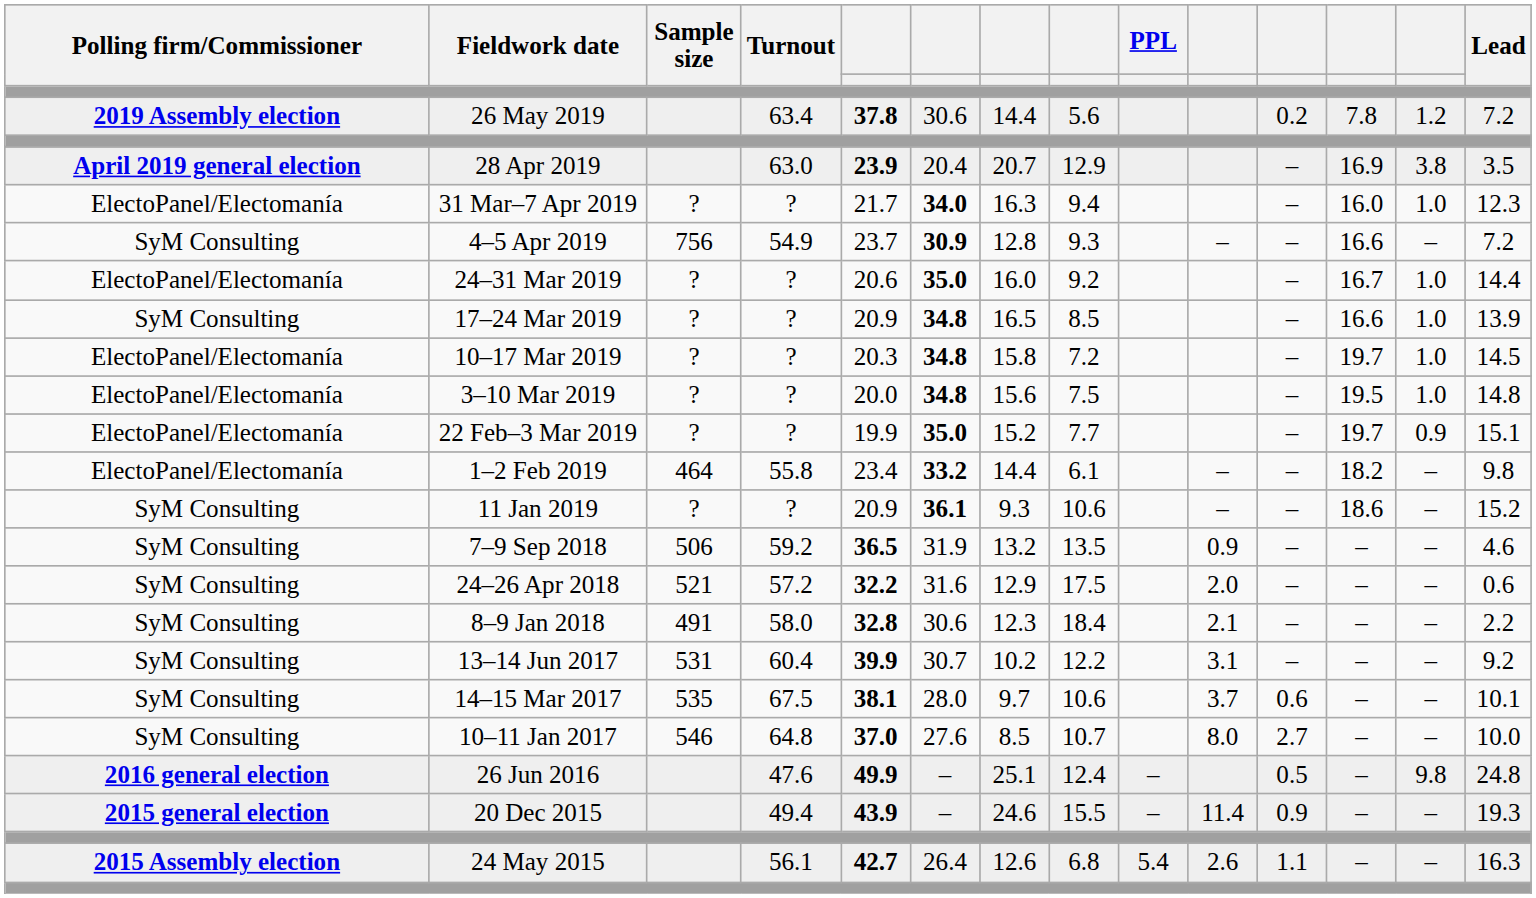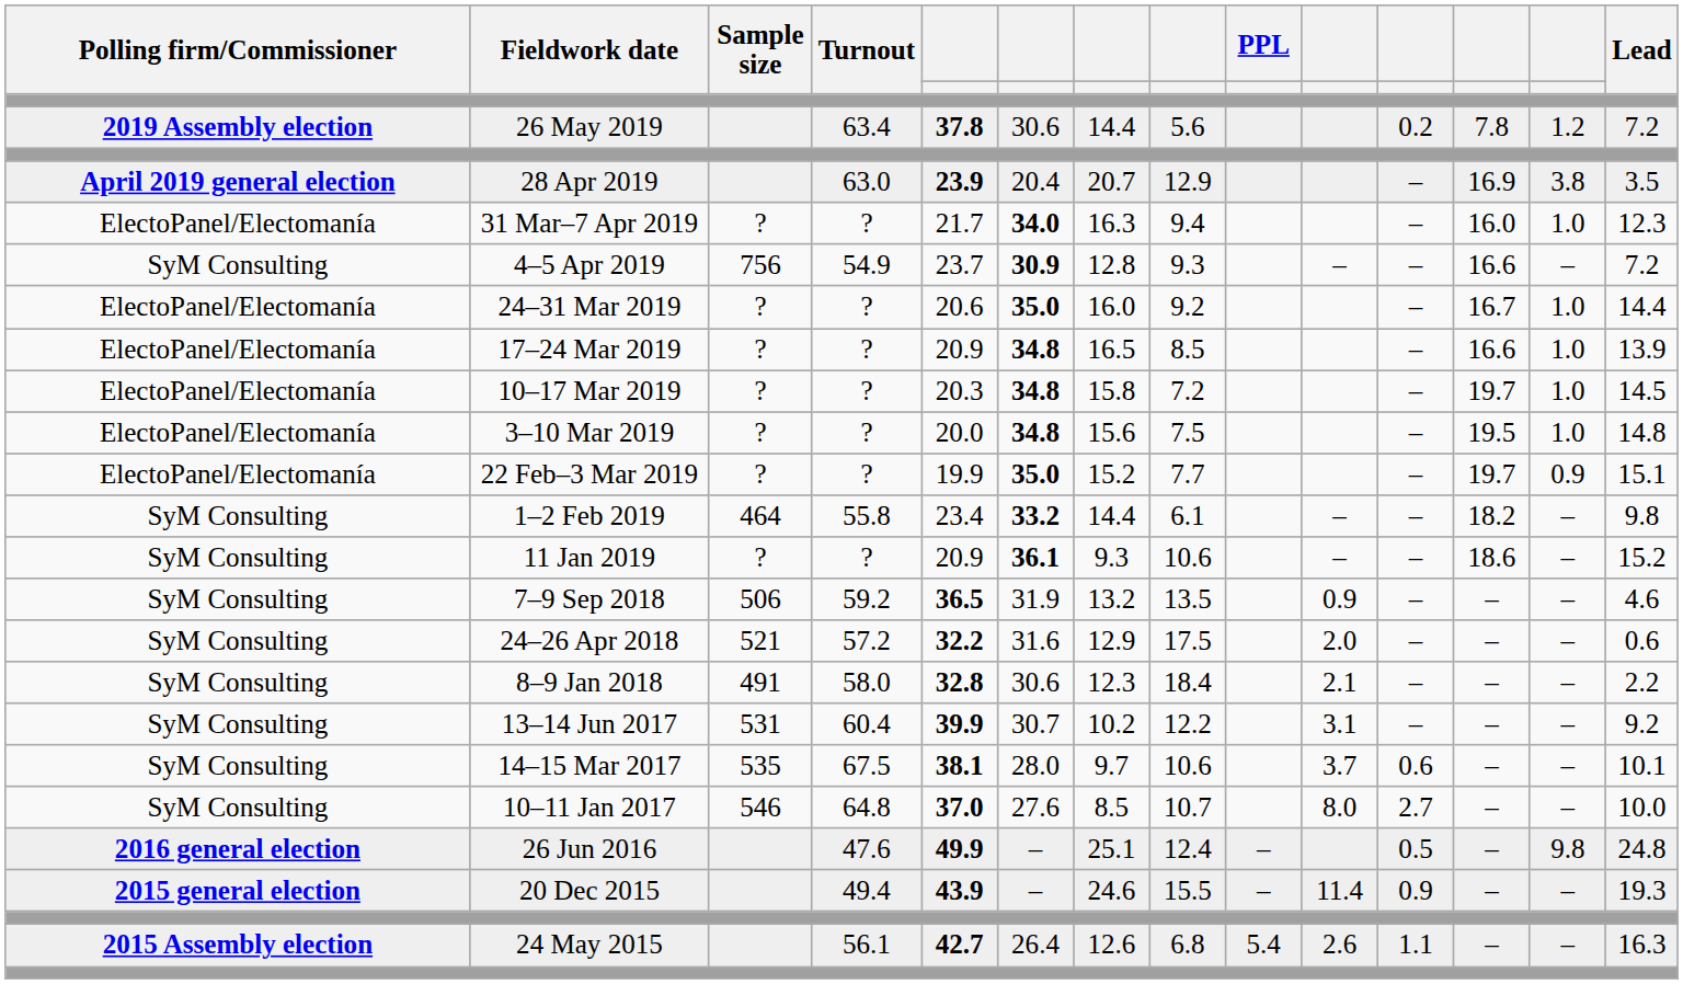 <table class="wikitable collapsible collapsed" style="text-align:center; font-size:95%; line-height:16px;">
 <tr style="height:42px;">
 <th style="width:250px;" rowspan="2">Polling firm/Commissioner</th>
 <th style="width:125px;" rowspan="2">Fieldwork date</th>
 <th style="width:50px;" rowspan="2">Sample size</th>
 <th style="width:45px;" rowspan="2">Turnout</th>
 <th style="width:35px;"></th>
 <th style="width:35px;"></th>
 <th style="width:35px;"></th>
 <th style="width:35px;"></th>
 <th style="width:35px;"><a href='#'>PPL</a></th>
 <th style="width:35px;"></th>
 <th style="width:35px;"></th>
 <th style="width:35px;"></th>
 <th style="width:35px;"></th>
 <th style="width:30px;" rowspan="2">Lead</th>
 </tr>
 <tr>
 <th style="color:inherit;background:"></th>
 <th style="color:inherit;background:"></th>
 <th style="color:inherit;background:"></th>
 <th style="color:inherit;background:"></th>
 <th style="color:inherit;background:"></th>
 <th style="color:inherit;background:"></th>
 <th style="color:inherit;background:"></th>
 <th style="color:inherit;background:"></th>
 <th style="color:inherit;background:"></th>
 </tr>
 <tr>
 <td colspan="14" style="background:#A0A0A0"></td>
 </tr>
 <tr style="background:#EFEFEF;">
 <td><strong><a href='#'>2019 Assembly election</a></strong></td>
 <td>26 May 2019</td>
 <td></td>
 <td>63.4</td>
 <td><strong>37.8</strong><br></td>
 <td>30.6<br></td>
 <td>14.4<br></td>
 <td>5.6<br></td>
 <td></td>
 <td></td>
 <td>0.2<br></td>
 <td>7.8<br></td>
 <td>1.2<br></td>
 <td style="background:">7.2</td>
 </tr>
 <tr>
 <td colspan="14" style="background:#A0A0A0"></td>
 </tr>
 <tr>
 </tr>
 <tr style="background:#EFEFEF;">
 <td><strong><a href='#'>April 2019 general election</a></strong></td>
 <td>28 Apr 2019</td>
 <td></td>
 <td>63.0</td>
 <td><strong>23.9</strong><br></td>
 <td>20.4<br></td>
 <td>20.7<br></td>
 <td>12.9<br></td>
 <td></td>
 <td></td>
 <td>–</td>
 <td>16.9<br></td>
 <td>3.8<br></td>
 <td style="background:">3.5</td>
 </tr>
 <tr>
 <td>ElectoPanel/Electomanía</td>
 <td>31 Mar–7 Apr 2019</td>
 <td>?</td>
 <td>?</td>
 <td>21.7<br></td>
 <td><strong>34.0</strong><br></td>
 <td>16.3<br></td>
 <td>9.4<br></td>
 <td></td>
 <td></td>
 <td>–</td>
 <td>16.0<br></td>
 <td>1.0<br></td>
 <td style="background:">12.3</td>
 </tr>
 <tr>
 <td>SyM Consulting</td>
 <td>4–5 Apr 2019</td>
 <td>756</td>
 <td>54.9</td>
 <td>23.7<br></td>
 <td><strong>30.9</strong><br></td>
 <td>12.8<br></td>
 <td>9.3<br></td>
 <td></td>
 <td>–</td>
 <td>–</td>
 <td>16.6<br></td>
 <td>–</td>
 <td style="background:">7.2</td>
 </tr>
 <tr>
 <td>ElectoPanel/Electomanía</td>
 <td>24–31 Mar 2019</td>
 <td>?</td>
 <td>?</td>
 <td>20.6<br></td>
 <td><strong>35.0</strong><br></td>
 <td>16.0<br></td>
 <td>9.2<br></td>
 <td></td>
 <td></td>
 <td>–</td>
 <td>16.7<br></td>
 <td>1.0<br></td>
 <td style="background:">14.4</td>
 </tr>
 <tr>
-<td>SyM Consulting</td>
+<td>ElectoPanel/Electomanía</td>
 <td>17–24 Mar 2019</td>
 <td>?</td>
 <td>?</td>
 <td>20.9<br></td>
 <td><strong>34.8</strong><br></td>
 <td>16.5<br></td>
 <td>8.5<br></td>
 <td></td>
 <td></td>
 <td>–</td>
 <td>16.6<br></td>
 <td>1.0<br></td>
 <td style="background:">13.9</td>
 </tr>
 <tr>
 <td>ElectoPanel/Electomanía</td>
 <td>10–17 Mar 2019</td>
 <td>?</td>
 <td>?</td>
 <td>20.3<br></td>
 <td><strong>34.8</strong><br></td>
 <td>15.8<br></td>
 <td>7.2<br></td>
 <td></td>
 <td></td>
 <td>–</td>
 <td>19.7<br></td>
 <td>1.0<br></td>
 <td style="background:">14.5</td>
 </tr>
 <tr>
 <td>ElectoPanel/Electomanía</td>
 <td>3–10 Mar 2019</td>
 <td>?</td>
 <td>?</td>
 <td>20.0<br></td>
 <td><strong>34.8</strong><br></td>
 <td>15.6<br></td>
 <td>7.5<br></td>
 <td></td>
 <td></td>
 <td>–</td>
 <td>19.5<br></td>
 <td>1.0<br></td>
 <td style="background:">14.8</td>
 </tr>
 <tr>
 <td>ElectoPanel/Electomanía</td>
 <td>22 Feb–3 Mar 2019</td>
 <td>?</td>
 <td>?</td>
 <td>19.9<br></td>
 <td><strong>35.0</strong><br></td>
 <td>15.2<br></td>
 <td>7.7<br></td>
 <td></td>
 <td></td>
 <td>–</td>
 <td>19.7<br></td>
 <td>0.9<br></td>
 <td style="background:">15.1</td>
 </tr>
 <tr>
-<td>ElectoPanel/Electomanía</td>
+<td>SyM Consulting</td>
 <td>1–2 Feb 2019</td>
 <td>464</td>
 <td>55.8</td>
 <td>23.4<br></td>
 <td><strong>33.2</strong><br></td>
 <td>14.4<br></td>
 <td>6.1<br></td>
 <td></td>
 <td>–</td>
 <td>–</td>
 <td>18.2<br></td>
 <td>–</td>
 <td style="background:">9.8</td>
 </tr>
 <tr>
 <td>SyM Consulting</td>
 <td>11 Jan 2019</td>
 <td>?</td>
 <td>?</td>
 <td>20.9<br></td>
 <td><strong>36.1</strong><br></td>
 <td>9.3<br></td>
 <td>10.6<br></td>
 <td></td>
 <td>–</td>
 <td>–</td>
 <td>18.6<br></td>
 <td>–</td>
 <td style="background:">15.2</td>
 </tr>
 <tr>
 <td>SyM Consulting</td>
 <td>7–9 Sep 2018</td>
 <td>506</td>
 <td>59.2</td>
 <td><strong>36.5</strong><br></td>
 <td>31.9<br></td>
 <td>13.2<br></td>
 <td>13.5<br></td>
 <td></td>
 <td>0.9<br></td>
 <td>–</td>
 <td>–</td>
 <td>–</td>
 <td style="background:">4.6</td>
 </tr>
 <tr>
 <td>SyM Consulting</td>
 <td>24–26 Apr 2018</td>
 <td>521</td>
 <td>57.2</td>
 <td><strong>32.2</strong><br></td>
 <td>31.6<br></td>
 <td>12.9<br></td>
 <td>17.5<br></td>
 <td></td>
 <td>2.0<br></td>
 <td>–</td>
 <td>–</td>
 <td>–</td>
 <td style="background:">0.6</td>
 </tr>
 <tr>
 <td>SyM Consulting</td>
 <td>8–9 Jan 2018</td>
 <td>491</td>
 <td>58.0</td>
 <td><strong>32.8</strong><br></td>
 <td>30.6<br></td>
 <td>12.3<br></td>
 <td>18.4<br></td>
 <td></td>
 <td>2.1<br></td>
 <td>–</td>
 <td>–</td>
 <td>–</td>
 <td style="background:">2.2</td>
 </tr>
 <tr>
 <td>SyM Consulting</td>
 <td>13–14 Jun 2017</td>
 <td>531</td>
 <td>60.4</td>
 <td><strong>39.9</strong><br></td>
 <td>30.7<br></td>
 <td>10.2<br></td>
 <td>12.2<br></td>
 <td></td>
 <td>3.1<br></td>
 <td>–</td>
 <td>–</td>
 <td>–</td>
 <td style="background:">9.2</td>
 </tr>
 <tr>
 <td>SyM Consulting</td>
 <td>14–15 Mar 2017</td>
 <td>535</td>
 <td>67.5</td>
 <td><strong>38.1</strong><br></td>
 <td>28.0<br></td>
 <td>9.7<br></td>
 <td>10.6<br></td>
 <td></td>
 <td>3.7<br></td>
 <td>0.6<br></td>
 <td>–</td>
 <td>–</td>
 <td style="background:">10.1</td>
 </tr>
 <tr>
 <td>SyM Consulting</td>
 <td>10–11 Jan 2017</td>
 <td>546</td>
 <td>64.8</td>
 <td><strong>37.0</strong><br></td>
 <td>27.6<br></td>
 <td>8.5<br></td>
 <td>10.7<br></td>
 <td></td>
 <td>8.0<br></td>
 <td>2.7<br></td>
 <td>–</td>
 <td>–</td>
 <td style="background:">10.0</td>
 </tr>
 <tr style="background:#EFEFEF;">
 <td><strong><a href='#'>2016 general election</a></strong></td>
 <td>26 Jun 2016</td>
 <td></td>
 <td>47.6</td>
 <td><strong>49.9</strong><br></td>
 <td>–</td>
 <td>25.1<br></td>
 <td>12.4<br></td>
 <td>–</td>
 <td></td>
 <td>0.5<br></td>
 <td>–</td>
 <td>9.8<br></td>
 <td style="background:">24.8</td>
 </tr>
 <tr style="background:#EFEFEF;">
 <td><strong><a href='#'>2015 general election</a></strong></td>
 <td>20 Dec 2015</td>
 <td></td>
 <td>49.4</td>
 <td><strong>43.9</strong><br></td>
 <td>–</td>
 <td>24.6<br></td>
 <td>15.5<br></td>
 <td>–</td>
 <td>11.4<br></td>
 <td>0.9<br></td>
 <td>–</td>
 <td>–</td>
 <td style="background:">19.3</td>
 </tr>
 <tr>
 <td colspan="14" style="background:#A0A0A0"></td>
 </tr>
 <tr style="background:#EFEFEF;">
 <td><strong><a href='#'>2015 Assembly election</a></strong></td>
 <td>24 May 2015</td>
 <td></td>
 <td>56.1</td>
 <td><strong>42.7</strong><br></td>
 <td>26.4<br></td>
 <td>12.6<br></td>
 <td>6.8<br></td>
 <td>5.4<br></td>
 <td>2.6<br></td>
 <td>1.1<br></td>
 <td>–</td>
 <td>–</td>
 <td style="background:">16.3</td>
 </tr>
 <tr>
 <td colspan="14" style="background:#A0A0A0"></td>
 </tr>
 </table>
